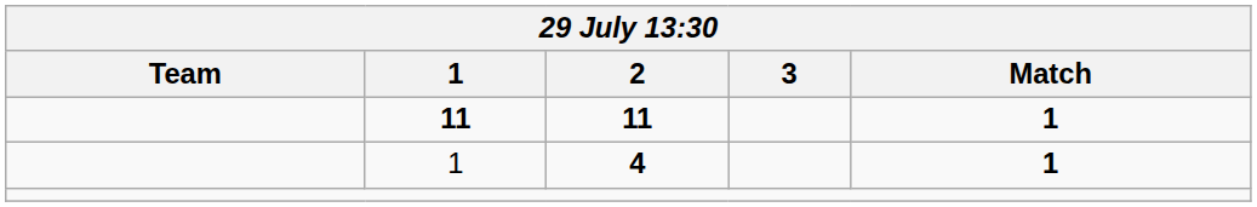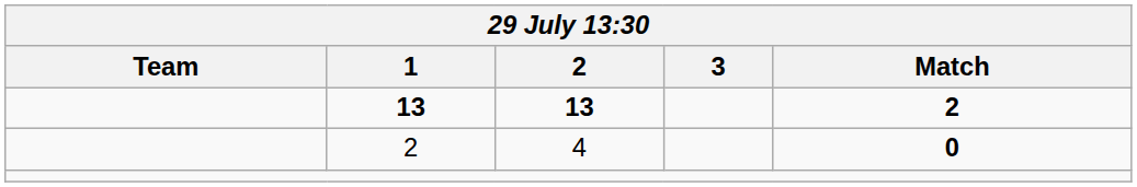 <table class=wikitable style="text-align:center; width: 55%">
 <tr>
 <th colspan=10><em>29 July 13:30</em></th>
 </tr>
 <tr>
 <th>Team</th>
 <th>1</th>
 <th>2</th>
 <th>3</th>
 <th>Match</th>
 </tr>
 <tr>
 <td align=left><strong><br></strong></td>
-<td><strong>11</strong></td>
-<td><strong>11</strong></td>
+<td><strong>13</strong></td>
+<td><strong>13</strong></td>
 <td></td>
-<td><strong>1</strong></td>
+<td><strong>2</strong></td>
 </tr>
 <tr>
 <td align=left><br></td>
-<td>1</td>
-<td><strong>4</strong></td>
+<td>2</td>
+<td>4</td>
 <td></td>
-<td><strong>1</strong></td>
+<td><strong>0</strong></td>
 </tr>
 <tr>
 <td colspan=10></td>
 </tr>
 </table>
